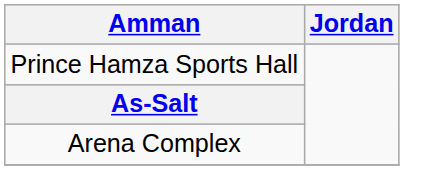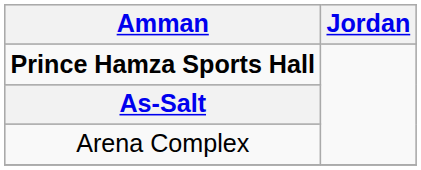 <table class="wikitable" style="text-align:center">
 <tr>
 <th><a href='#'>Amman</a></th>
 <th><a href='#'>Jordan</a></th>
 </tr>
 <tr>
-<td>Prince Hamza Sports Hall</td>
+<td><strong>Prince Hamza Sports Hall</strong></td>
 <td rowspan=3></td>
 </tr>
 <tr>
 <th><a href='#'>As-Salt</a></th>
 </tr>
 <tr>
 <td>Arena Complex</td>
 </tr>
 <tr>
 </tr>
 </table>
